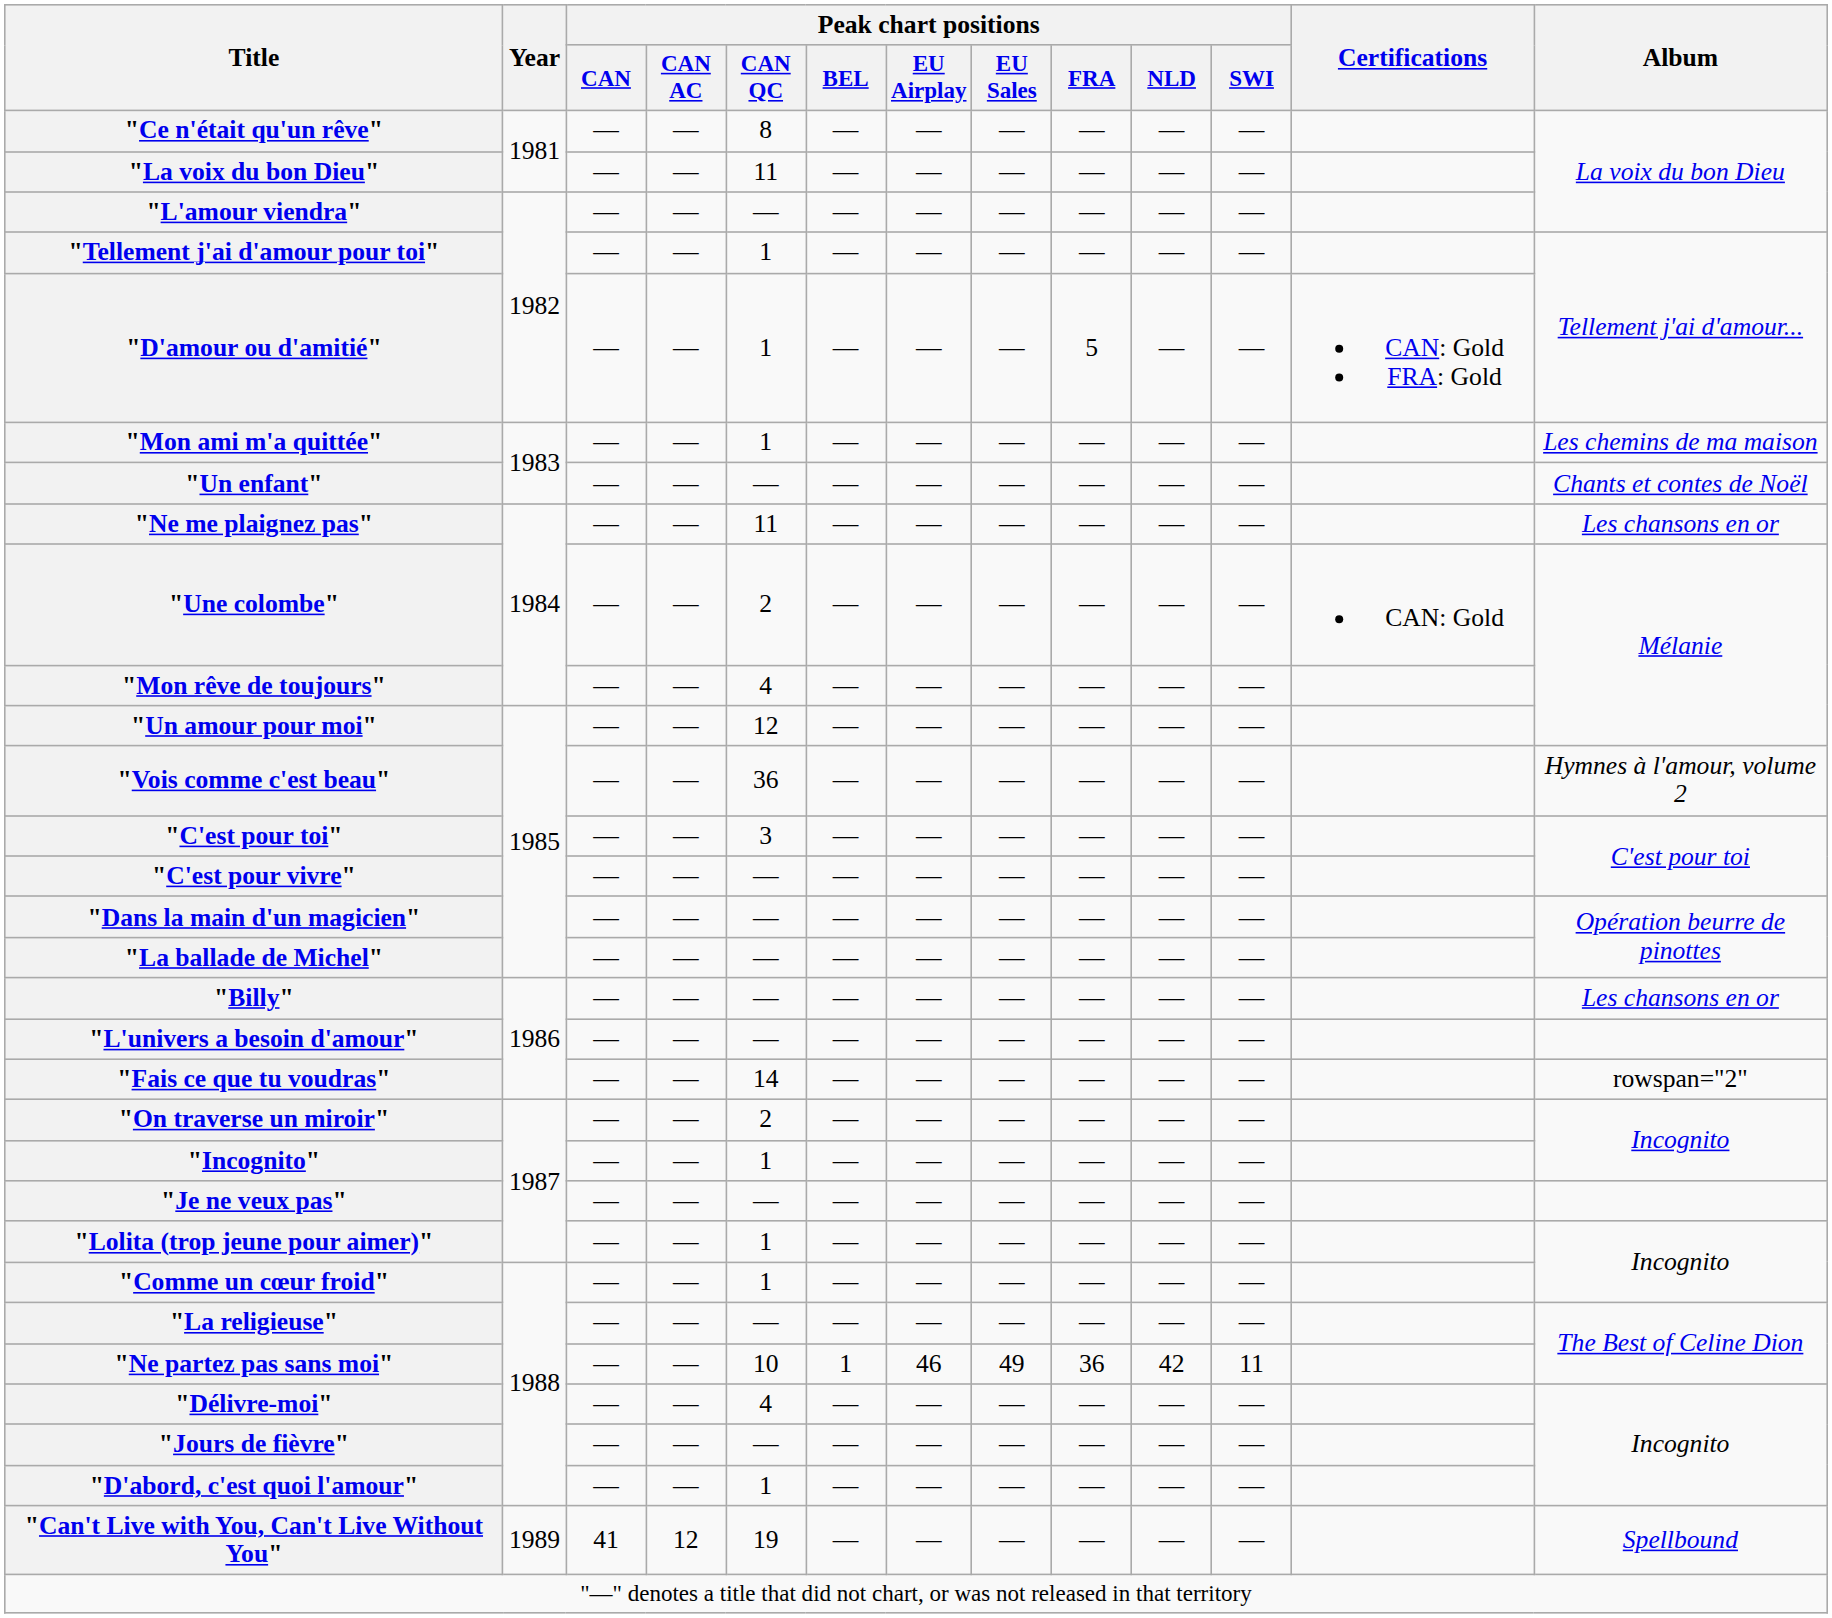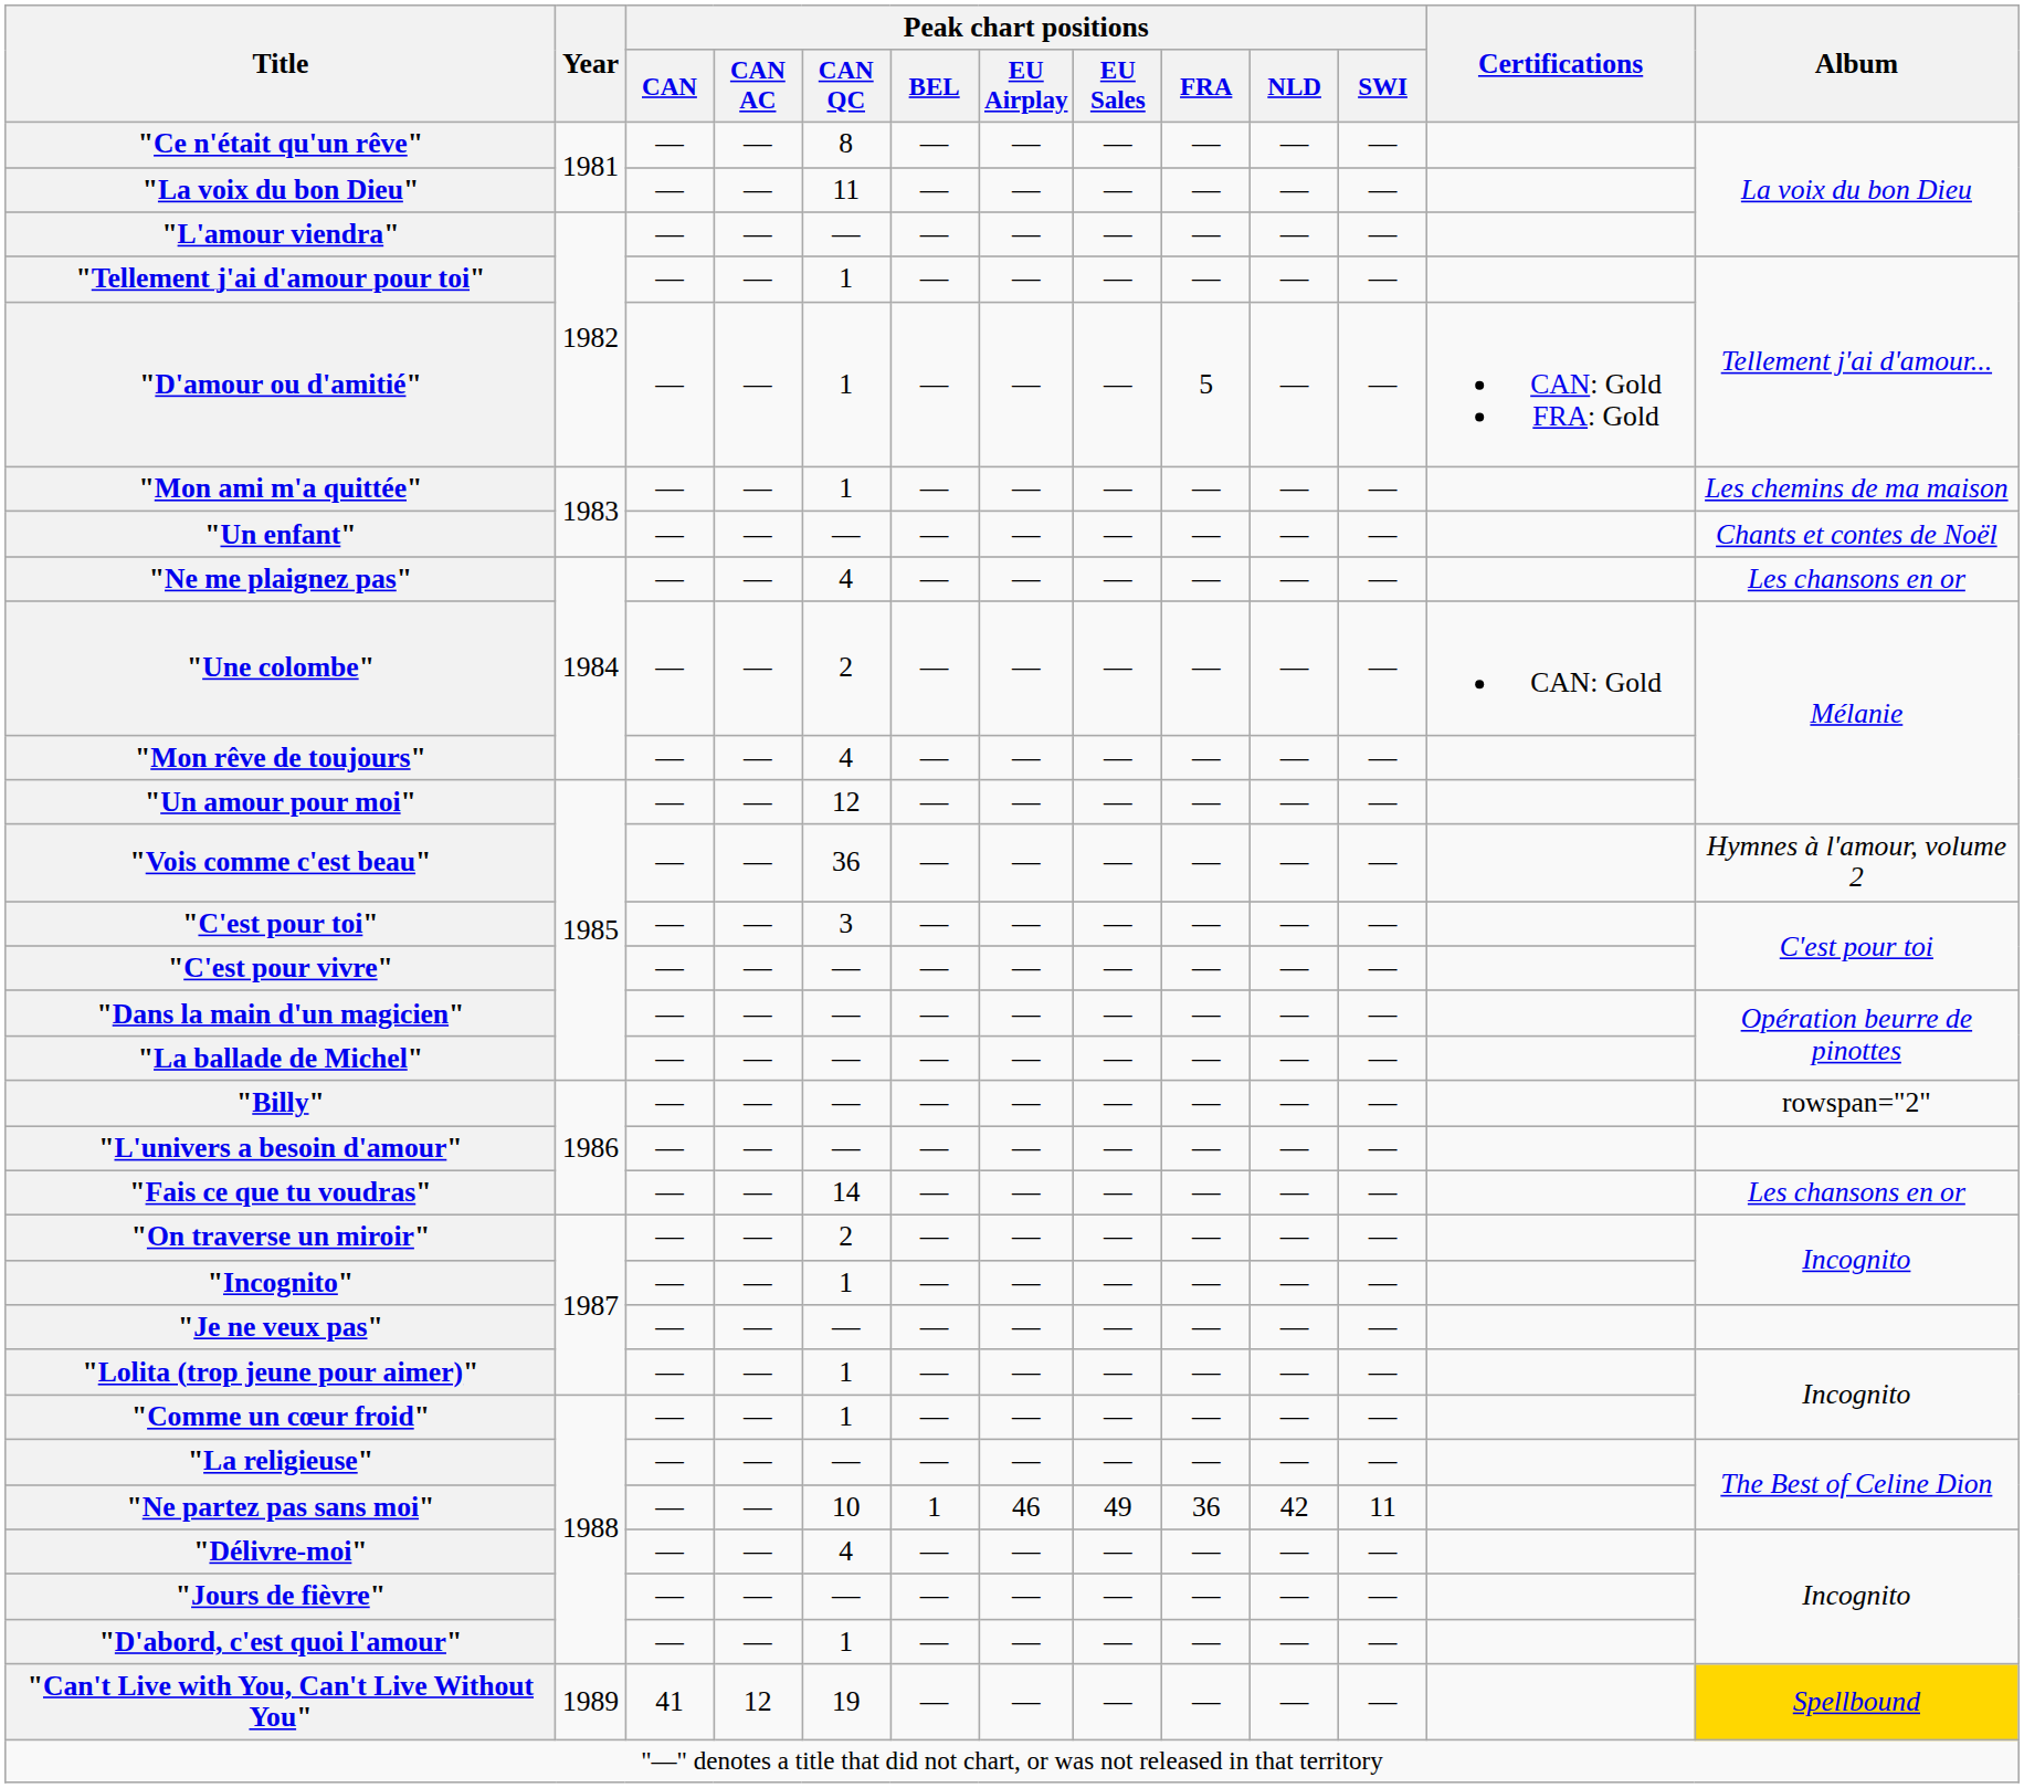 <table class="wikitable plainrowheaders" style="text-align:center;">
 <tr>
 <th rowspan="2" scope="col" style="width:19em;">Title</th>
 <th scope="col" rowspan="2">Year</th>
 <th scope="col" colspan="9">Peak chart positions</th>
 <th scope="col" rowspan="2" style="width:9em;"><a href='#'>Certifications</a></th>
 <th scope="col" rowspan="2" style="width:11em;">Album</th>
 </tr>
 <tr>
 <th scope="col" style="width:3em;font-size:90%;"><a href='#'>CAN</a><br></th>
 <th scope="col" style="width:3em;font-size:90%;"><a href='#'>CAN<br>AC</a><br></th>
 <th scope="col" style="width:3em;font-size:90%;"><a href='#'>CAN<br>QC</a><br></th>
 <th scope="col" style="width:3em;font-size:90%;"><a href='#'>BEL</a><br></th>
 <th scope="col" style="width:3em;font-size:90%;"><a href='#'>EU<br>Airplay</a><br></th>
 <th scope="col" style="width:3em;font-size:90%;"><a href='#'>EU<br>Sales</a><br></th>
 <th scope="col" style="width:3em;font-size:90%;"><a href='#'>FRA</a><br></th>
 <th scope="col" style="width:3em;font-size:90%;"><a href='#'>NLD</a><br></th>
 <th scope="col" style="width:3em;font-size:90%;"><a href='#'>SWI</a><br></th>
 </tr>
 <tr>
 <th scope="row">"<a href='#'>Ce n'était qu'un rêve</a>"</th>
 <td rowspan=2>1981</td>
 <td>—</td>
 <td>—</td>
 <td>8</td>
 <td>—</td>
 <td>—</td>
 <td>—</td>
 <td>—</td>
 <td>—</td>
 <td>—</td>
 <td></td>
 <td rowspan=3><em><a href='#'>La voix du bon Dieu</a></em></td>
 </tr>
 <tr>
 <th scope="row">"<a href='#'>La voix du bon Dieu</a>"</th>
 <td>—</td>
 <td>—</td>
 <td>11</td>
 <td>—</td>
 <td>—</td>
 <td>—</td>
 <td>—</td>
 <td>—</td>
 <td>—</td>
 <td></td>
 </tr>
 <tr>
 <th scope="row">"<a href='#'>L'amour viendra</a>"</th>
 <td rowspan=3>1982</td>
 <td>—</td>
 <td>—</td>
 <td>—</td>
 <td>—</td>
 <td>—</td>
 <td>—</td>
 <td>—</td>
 <td>—</td>
 <td>—</td>
 <td></td>
 </tr>
 <tr>
 <th scope="row">"<a href='#'>Tellement j'ai d'amour pour toi</a>"</th>
 <td>—</td>
 <td>—</td>
 <td>1</td>
 <td>—</td>
 <td>—</td>
 <td>—</td>
 <td>—</td>
 <td>—</td>
 <td>—</td>
 <td></td>
 <td rowspan=2><em><a href='#'>Tellement j'ai d'amour...</a></em></td>
 </tr>
 <tr>
 <th scope="row">"<a href='#'>D'amour ou d'amitié</a>"</th>
 <td>—</td>
 <td>—</td>
 <td>1</td>
 <td>—</td>
 <td>—</td>
 <td>—</td>
 <td>5</td>
 <td>—</td>
 <td>—</td>
 <td><br><ul><li><a href='#'>CAN</a>: Gold</li><li><a href='#'>FRA</a>: Gold</li></ul></td>
 </tr>
 <tr>
 <th scope="row">"<a href='#'>Mon ami m'a quittée</a>"</th>
 <td rowspan=2>1983</td>
 <td>—</td>
 <td>—</td>
 <td>1</td>
 <td>—</td>
 <td>—</td>
 <td>—</td>
 <td>—</td>
 <td>—</td>
 <td>—</td>
 <td></td>
 <td><em><a href='#'>Les chemins de ma maison</a></em></td>
 </tr>
 <tr>
 <th scope="row">"<a href='#'>Un enfant</a>"</th>
 <td>—</td>
 <td>—</td>
 <td>—</td>
 <td>—</td>
 <td>—</td>
 <td>—</td>
 <td>—</td>
 <td>—</td>
 <td>—</td>
 <td></td>
 <td><em><a href='#'>Chants et contes de Noël</a></em></td>
 </tr>
 <tr>
 <th scope="row">"<a href='#'>Ne me plaignez pas</a>"</th>
 <td rowspan=3>1984</td>
 <td>—</td>
 <td>—</td>
-<td>11</td>
+<td>4</td>
 <td>—</td>
 <td>—</td>
 <td>—</td>
 <td>—</td>
 <td>—</td>
 <td>—</td>
 <td></td>
 <td><em><a href='#'>Les chansons en or</a></em></td>
 </tr>
 <tr>
 <th scope="row">"<a href='#'>Une colombe</a>"</th>
 <td>—</td>
 <td>—</td>
 <td>2</td>
 <td>—</td>
 <td>—</td>
 <td>—</td>
 <td>—</td>
 <td>—</td>
 <td>—</td>
 <td><br><ul><li>CAN: Gold</li></ul></td>
 <td rowspan=3><em><a href='#'>Mélanie</a></em></td>
 </tr>
 <tr>
 <th scope="row">"<a href='#'>Mon rêve de toujours</a>"</th>
 <td>—</td>
 <td>—</td>
 <td>4</td>
 <td>—</td>
 <td>—</td>
 <td>—</td>
 <td>—</td>
 <td>—</td>
 <td>—</td>
 <td></td>
 </tr>
 <tr>
 <th scope="row">"<a href='#'>Un amour pour moi</a>"</th>
 <td rowspan=6>1985</td>
 <td>—</td>
 <td>—</td>
 <td>12</td>
 <td>—</td>
 <td>—</td>
 <td>—</td>
 <td>—</td>
 <td>—</td>
 <td>—</td>
 <td></td>
 </tr>
 <tr>
 <th scope="row">"<a href='#'>Vois comme c'est beau</a>"<br></th>
 <td>—</td>
 <td>—</td>
 <td>36</td>
 <td>—</td>
 <td>—</td>
 <td>—</td>
 <td>—</td>
 <td>—</td>
 <td>—</td>
 <td></td>
 <td><em>Hymnes à l'amour, volume 2</em></td>
 </tr>
 <tr>
 <th scope="row">"<a href='#'>C'est pour toi</a>"</th>
 <td>—</td>
 <td>—</td>
 <td>3</td>
 <td>—</td>
 <td>—</td>
 <td>—</td>
 <td>—</td>
 <td>—</td>
 <td>—</td>
 <td></td>
 <td rowspan=2><em><a href='#'>C'est pour toi</a></em></td>
 </tr>
 <tr>
 <th scope="row">"<a href='#'>C'est pour vivre</a>"</th>
 <td>—</td>
 <td>—</td>
 <td>—</td>
 <td>—</td>
 <td>—</td>
 <td>—</td>
 <td>—</td>
 <td>—</td>
 <td>—</td>
 <td></td>
 </tr>
 <tr>
 <th scope="row">"<a href='#'>Dans la main d'un magicien</a>"</th>
 <td>—</td>
 <td>—</td>
 <td>—</td>
 <td>—</td>
 <td>—</td>
 <td>—</td>
 <td>—</td>
 <td>—</td>
 <td>—</td>
 <td></td>
 <td rowspan=2><em><a href='#'>Opération beurre de pinottes</a></em></td>
 </tr>
 <tr>
 <th scope="row">"<a href='#'>La ballade de Michel</a>"</th>
 <td>—</td>
 <td>—</td>
 <td>—</td>
 <td>—</td>
 <td>—</td>
 <td>—</td>
 <td>—</td>
 <td>—</td>
 <td>—</td>
 <td></td>
 </tr>
 <tr>
 <th scope="row">"<a href='#'>Billy</a>"</th>
 <td rowspan=3>1986</td>
 <td>—</td>
 <td>—</td>
 <td>—</td>
 <td>—</td>
 <td>—</td>
 <td>—</td>
 <td>—</td>
 <td>—</td>
 <td>—</td>
 <td></td>
-<td><em><a href='#'>Les chansons en or</a></em></td>
+<td>rowspan="2" </td>
 </tr>
 <tr>
 <th scope="row">"<a href='#'>L'univers a besoin d'amour</a>"</th>
 <td>—</td>
 <td>—</td>
 <td>—</td>
 <td>—</td>
 <td>—</td>
 <td>—</td>
 <td>—</td>
 <td>—</td>
 <td>—</td>
 <td></td>
 </tr>
 <tr>
 <th scope="row">"<a href='#'>Fais ce que tu voudras</a>"</th>
 <td>—</td>
 <td>—</td>
 <td>14</td>
 <td>—</td>
 <td>—</td>
 <td>—</td>
 <td>—</td>
 <td>—</td>
 <td>—</td>
 <td></td>
-<td>rowspan="2" </td>
+<td><em><a href='#'>Les chansons en or</a></em></td>
 </tr>
 <tr>
 <th scope="row">"<a href='#'>On traverse un miroir</a>"</th>
 <td rowspan=4>1987</td>
 <td>—</td>
 <td>—</td>
 <td>2</td>
 <td>—</td>
 <td>—</td>
 <td>—</td>
 <td>—</td>
 <td>—</td>
 <td>—</td>
 <td></td>
 <td rowspan=2><em><a href='#'>Incognito</a></em></td>
 </tr>
 <tr>
 <th scope="row">"<a href='#'>Incognito</a>"</th>
 <td>—</td>
 <td>—</td>
 <td>1</td>
 <td>—</td>
 <td>—</td>
 <td>—</td>
 <td>—</td>
 <td>—</td>
 <td>—</td>
 <td></td>
 </tr>
 <tr>
 <th scope="row">"<a href='#'>Je ne veux pas</a>"</th>
 <td>—</td>
 <td>—</td>
 <td>—</td>
 <td>—</td>
 <td>—</td>
 <td>—</td>
 <td>—</td>
 <td>—</td>
 <td>—</td>
 <td></td>
 <td></td>
 </tr>
 <tr>
 <th scope="row">"<a href='#'>Lolita (trop jeune pour aimer)</a>"</th>
 <td>—</td>
 <td>—</td>
 <td>1</td>
 <td>—</td>
 <td>—</td>
 <td>—</td>
 <td>—</td>
 <td>—</td>
 <td>—</td>
 <td></td>
 <td rowspan=2><em>Incognito</em></td>
 </tr>
 <tr>
 <th scope="row">"<a href='#'>Comme un cœur froid</a>"</th>
 <td rowspan=6>1988</td>
 <td>—</td>
 <td>—</td>
 <td>1</td>
 <td>—</td>
 <td>—</td>
 <td>—</td>
 <td>—</td>
 <td>—</td>
 <td>—</td>
 <td></td>
 </tr>
 <tr>
 <th scope="row">"<a href='#'>La religieuse</a>"</th>
 <td>—</td>
 <td>—</td>
 <td>—</td>
 <td>—</td>
 <td>—</td>
 <td>—</td>
 <td>—</td>
 <td>—</td>
 <td>—</td>
 <td></td>
 <td rowspan=2><em><a href='#'>The Best of Celine Dion</a></em></td>
 </tr>
 <tr>
 <th scope="row">"<a href='#'>Ne partez pas sans moi</a>"</th>
 <td>—</td>
 <td>—</td>
 <td>10</td>
 <td>1</td>
 <td>46</td>
 <td>49</td>
 <td>36</td>
 <td>42</td>
 <td>11</td>
 <td></td>
 </tr>
 <tr>
 <th scope="row">"<a href='#'>Délivre-moi</a>"</th>
 <td>—</td>
 <td>—</td>
 <td>4</td>
 <td>—</td>
 <td>—</td>
 <td>—</td>
 <td>—</td>
 <td>—</td>
 <td>—</td>
 <td></td>
 <td rowspan=3><em>Incognito</em></td>
 </tr>
 <tr>
 <th scope="row">"<a href='#'>Jours de fièvre</a>"</th>
 <td>—</td>
 <td>—</td>
 <td>—</td>
 <td>—</td>
 <td>—</td>
 <td>—</td>
 <td>—</td>
 <td>—</td>
 <td>—</td>
 <td></td>
 </tr>
 <tr>
 <th scope="row">"<a href='#'>D'abord, c'est quoi l'amour</a>"</th>
 <td>—</td>
 <td>—</td>
 <td>1</td>
 <td>—</td>
 <td>—</td>
 <td>—</td>
 <td>—</td>
 <td>—</td>
 <td>—</td>
 <td></td>
 </tr>
 <tr>
 <th scope="row">"<a href='#'>Can't Live with You, Can't Live Without You</a>"<br></th>
 <td>1989</td>
 <td>41</td>
 <td>12</td>
 <td>19</td>
 <td>—</td>
 <td>—</td>
 <td>—</td>
 <td>—</td>
 <td>—</td>
 <td>—</td>
 <td></td>
-<td><em><a href='#'>Spellbound</a></em></td>
+<td style="background: gold;"><em><a href='#'>Spellbound</a></em></td>
 </tr>
 <tr>
 <td colspan="13" style="font-size:90%">"—" denotes a title that did not chart, or was not released in that territory</td>
 </tr>
 </table>
